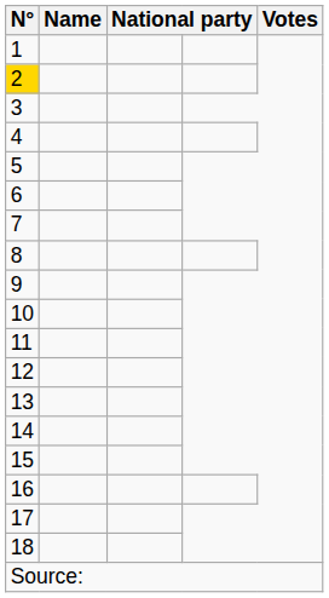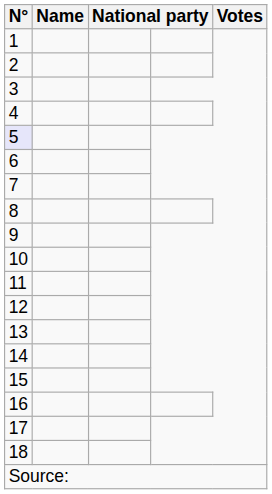 <table class="wikitable sortable" style="font-size:95%;line-height:14px;">
 <tr>
 <th>N°</th>
 <th>Name</th>
 <th colspan="2">National party</th>
 <th>Votes</th>
 </tr>
 <tr>
 <td>1</td>
 <td></td>
 <td></td>
 <td></td>
 </tr>
 <tr>
-<td style="background: gold;">2</td>
+<td>2</td>
 <td><em></em></td>
 <td></td>
 <td></td>
 </tr>
 <tr>
 <td>3</td>
 <td></td>
 <td></td>
 </tr>
 <tr>
 <td>4</td>
 <td></td>
 <td></td>
 <td></td>
 </tr>
 <tr>
-<td>5</td>
+<td style="background: lavender;">5</td>
 <td></td>
 <td></td>
 </tr>
 <tr>
 <td>6</td>
 <td></td>
 <td></td>
 </tr>
 <tr>
 <td>7</td>
 <td></td>
 <td></td>
 </tr>
 <tr>
 <td>8</td>
 <td></td>
 <td></td>
 <td></td>
 </tr>
 <tr>
 <td>9</td>
 <td></td>
 <td></td>
 </tr>
 <tr>
 <td>10</td>
 <td></td>
 <td></td>
 </tr>
 <tr>
 <td>11</td>
 <td></td>
 <td></td>
 </tr>
 <tr>
 <td>12</td>
 <td></td>
 <td></td>
 </tr>
 <tr>
 <td>13</td>
 <td></td>
 <td></td>
 </tr>
 <tr>
 <td>14</td>
 <td></td>
 <td></td>
 </tr>
 <tr>
 <td>15</td>
 <td></td>
 <td></td>
 </tr>
 <tr>
 <td>16</td>
 <td></td>
 <td></td>
 <td></td>
 </tr>
 <tr>
 <td>17</td>
 <td></td>
 <td></td>
 </tr>
 <tr>
 <td>18</td>
 <td></td>
 <td></td>
 </tr>
 <tr>
 <td colspan="5">Source: </td>
 </tr>
 </table>
